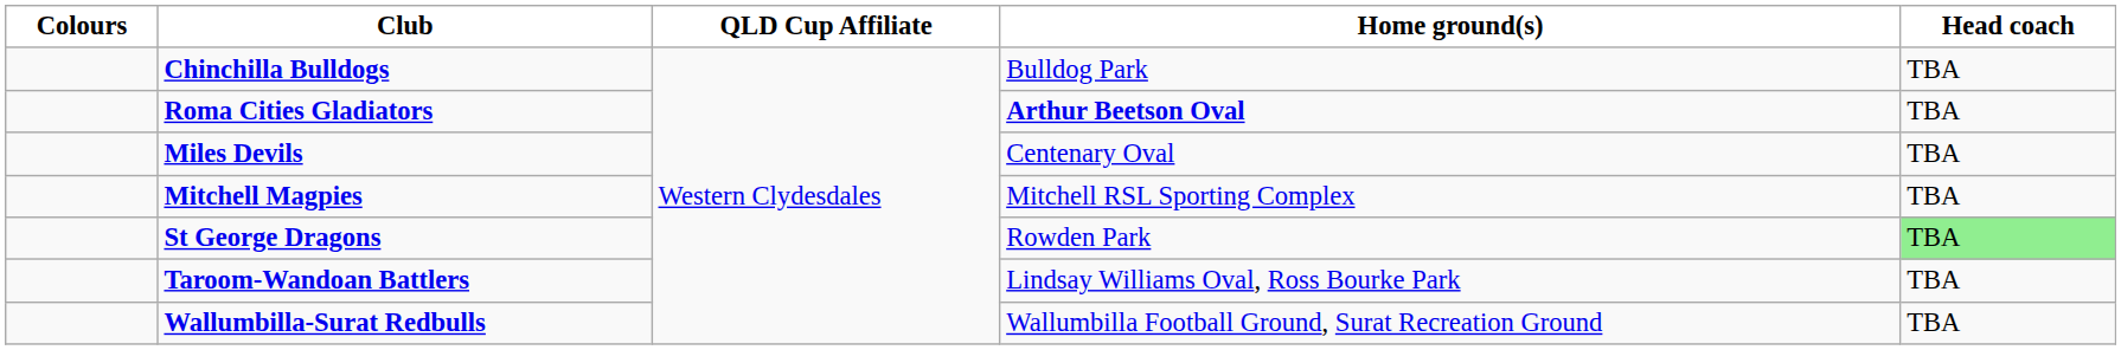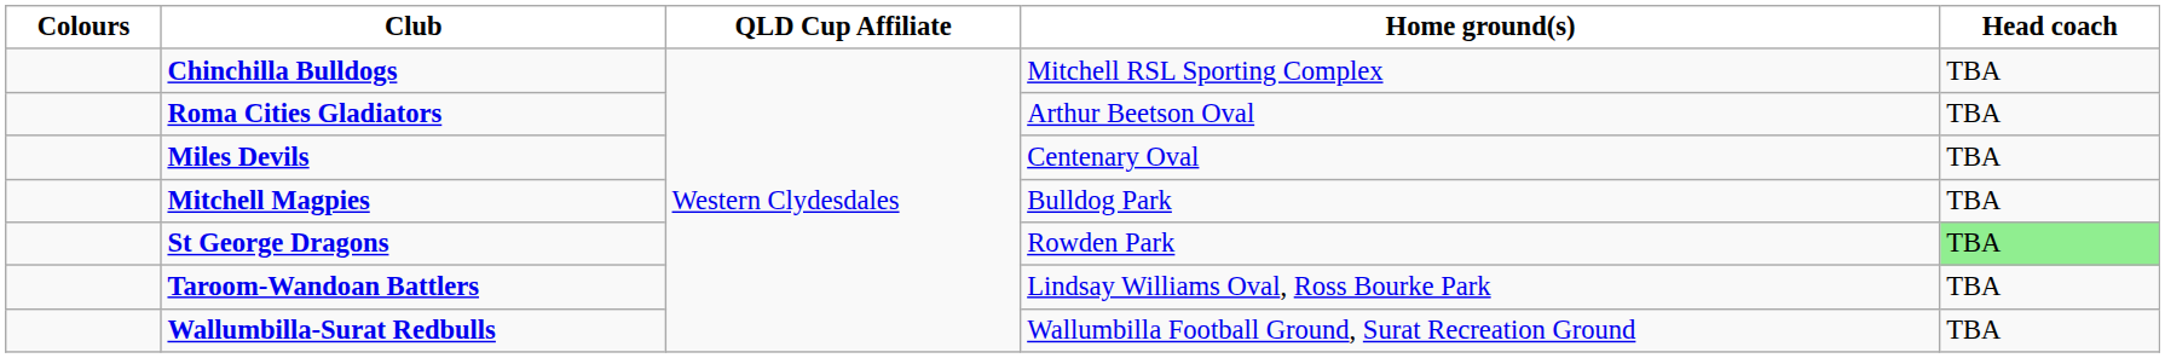 <table class="wikitable" style="width:100%; text-align:left">
 <tr>
 <th style="background:white">Colours</th>
 <th style="background:white">Club</th>
 <th style="background:white">QLD Cup Affiliate</th>
 <th style="background:white">Home ground(s)</th>
 <th style="background:white">Head coach</th>
 </tr>
 <tr>
 <td></td>
 <td><strong><a href='#'>Chinchilla Bulldogs</a></strong></td>
 <td rowspan="7"> <a href='#'>Western Clydesdales</a></td>
-<td><a href='#'>Bulldog Park</a></td>
+<td><a href='#'>Mitchell RSL Sporting Complex</a></td>
 <td>TBA</td>
 </tr>
 <tr>
 <td></td>
 <td><strong><a href='#'>Roma Cities Gladiators</a></strong></td>
-<td><strong><a href='#'>Arthur Beetson Oval</a></strong></td>
+<td><a href='#'>Arthur Beetson Oval</a></td>
 <td>TBA</td>
 </tr>
 <tr>
 <td></td>
 <td><strong><a href='#'>Miles Devils</a></strong></td>
 <td><a href='#'>Centenary Oval</a></td>
 <td>TBA</td>
 </tr>
 <tr>
 <td></td>
 <td><strong><a href='#'>Mitchell Magpies</a></strong></td>
-<td><a href='#'>Mitchell RSL Sporting Complex</a></td>
+<td><a href='#'>Bulldog Park</a></td>
 <td>TBA</td>
 </tr>
 <tr>
 <td></td>
 <td><strong><a href='#'>St George Dragons</a></strong></td>
 <td><a href='#'>Rowden Park</a></td>
 <td style="background: lightgreen;">TBA</td>
 </tr>
 <tr>
 <td></td>
 <td><strong><a href='#'>Taroom-Wandoan Battlers</a></strong></td>
 <td><a href='#'>Lindsay Williams Oval</a>, <a href='#'>Ross Bourke Park</a></td>
 <td>TBA</td>
 </tr>
 <tr>
 <td></td>
 <td><strong><a href='#'>Wallumbilla-Surat Redbulls</a></strong></td>
 <td><a href='#'>Wallumbilla Football Ground</a>, <a href='#'>Surat Recreation Ground</a></td>
 <td>TBA</td>
 </tr>
 </table>
